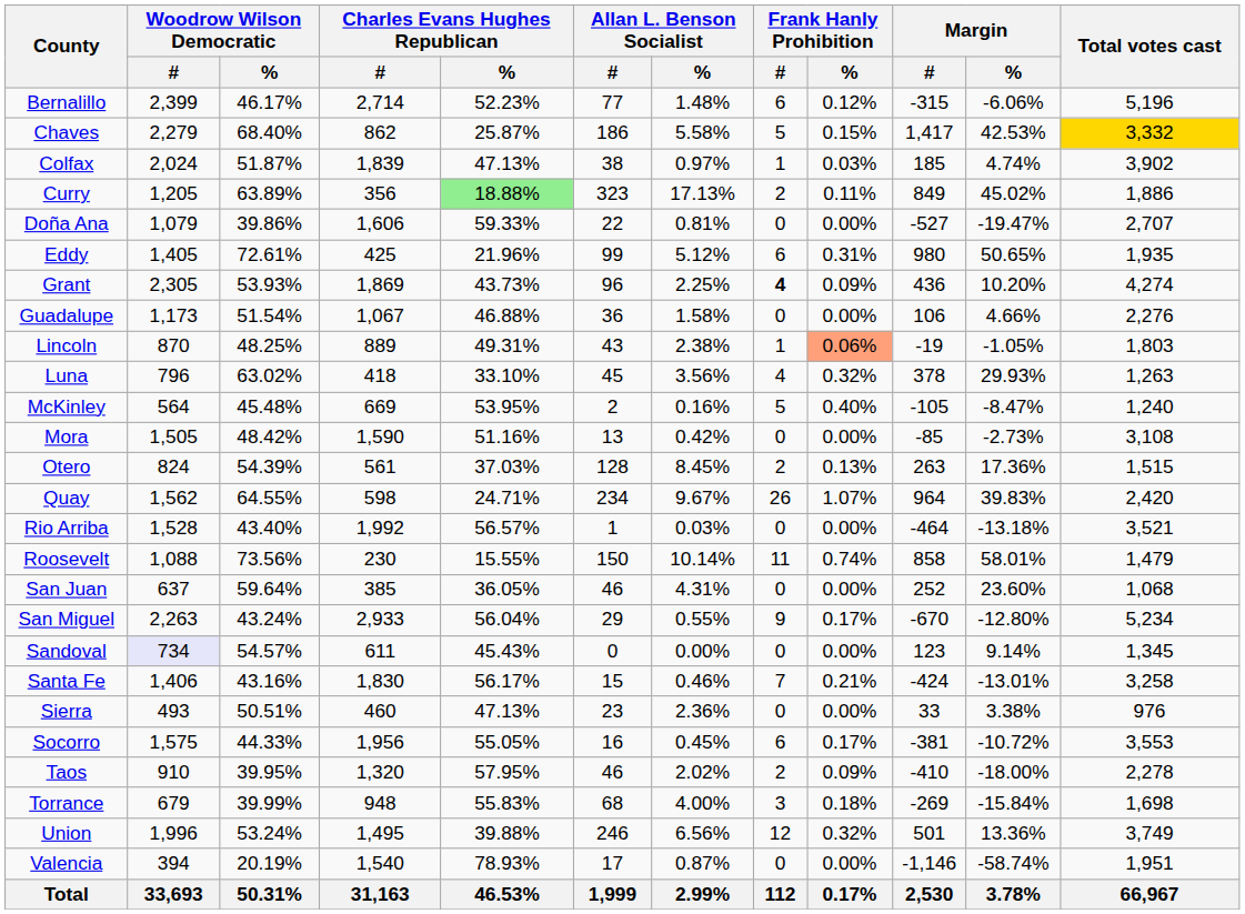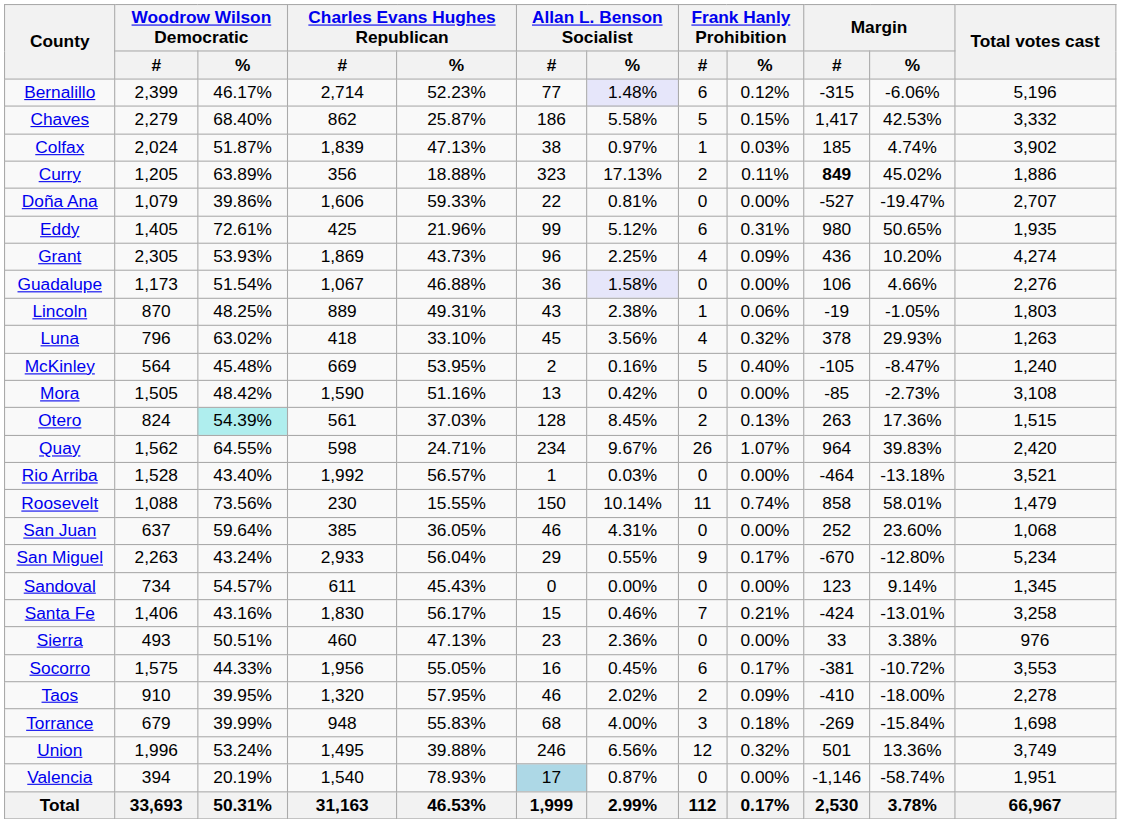 <table width="65%" class="wikitable sortable" style="text-align:center">
 <tr>
 <th style="text-align:center;" rowspan="2">County</th>
 <th style="text-align:center;" colspan="2"><a href='#'>Woodrow Wilson</a><br>Democratic</th>
 <th style="text-align:center;" colspan="2"><a href='#'>Charles Evans Hughes</a><br>Republican</th>
 <th style="text-align:center;" colspan="2"><a href='#'>Allan L. Benson</a><br>Socialist</th>
 <th style="text-align:center;" colspan="2"><a href='#'>Frank Hanly</a><br>Prohibition</th>
 <th style="text-align:center;" colspan="2">Margin</th>
 <th style="text-align:center;" rowspan="2">Total votes cast</th>
 </tr>
 <tr>
 <th style="text-align:center;" data-sort-type="number">#</th>
 <th style="text-align:center;" data-sort-type="number">%</th>
 <th style="text-align:center;" data-sort-type="number">#</th>
 <th style="text-align:center;" data-sort-type="number">%</th>
 <th style="text-align:center;" data-sort-type="number">#</th>
 <th style="text-align:center;" data-sort-type="number">%</th>
 <th style="text-align:center;" data-sort-type="number">#</th>
 <th style="text-align:center;" data-sort-type="number">%</th>
 <th style="text-align:center;" data-sort-type="number">#</th>
 <th style="text-align:center;" data-sort-type="number">%</th>
 </tr>
 <tr style="text-align:center;">
 <td><a href='#'>Bernalillo</a></td>
 <td>2,399</td>
 <td>46.17%</td>
 <td>2,714</td>
 <td>52.23%</td>
 <td>77</td>
-<td>1.48%</td>
+<td style="background: lavender;">1.48%</td>
 <td>6</td>
 <td>0.12%</td>
 <td>-315</td>
 <td>-6.06%</td>
 <td>5,196</td>
 </tr>
 <tr style="text-align:center;">
 <td><a href='#'>Chaves</a></td>
 <td>2,279</td>
 <td>68.40%</td>
 <td>862</td>
 <td>25.87%</td>
 <td>186</td>
 <td>5.58%</td>
 <td>5</td>
 <td>0.15%</td>
 <td>1,417</td>
 <td>42.53%</td>
-<td style="background: gold;">3,332</td>
+<td>3,332</td>
 </tr>
 <tr style="text-align:center;">
 <td><a href='#'>Colfax</a></td>
 <td>2,024</td>
 <td>51.87%</td>
 <td>1,839</td>
 <td>47.13%</td>
 <td>38</td>
 <td>0.97%</td>
 <td>1</td>
 <td>0.03%</td>
 <td>185</td>
 <td>4.74%</td>
 <td>3,902</td>
 </tr>
 <tr style="text-align:center;">
 <td><a href='#'>Curry</a></td>
 <td>1,205</td>
 <td>63.89%</td>
 <td>356</td>
-<td style="background: lightgreen;">18.88%</td>
+<td>18.88%</td>
 <td>323</td>
 <td>17.13%</td>
 <td>2</td>
 <td>0.11%</td>
-<td>849</td>
+<td><strong>849</strong></td>
 <td>45.02%</td>
 <td>1,886</td>
 </tr>
 <tr style="text-align:center;">
 <td><a href='#'>Doña Ana</a></td>
 <td>1,079</td>
 <td>39.86%</td>
 <td>1,606</td>
 <td>59.33%</td>
 <td>22</td>
 <td>0.81%</td>
 <td>0</td>
 <td>0.00%</td>
 <td>-527</td>
 <td>-19.47%</td>
 <td>2,707</td>
 </tr>
 <tr style="text-align:center;">
 <td><a href='#'>Eddy</a></td>
 <td>1,405</td>
 <td>72.61%</td>
 <td>425</td>
 <td>21.96%</td>
 <td>99</td>
 <td>5.12%</td>
 <td>6</td>
 <td>0.31%</td>
 <td>980</td>
 <td>50.65%</td>
 <td>1,935</td>
 </tr>
 <tr style="text-align:center;">
 <td><a href='#'>Grant</a></td>
 <td>2,305</td>
 <td>53.93%</td>
 <td>1,869</td>
 <td>43.73%</td>
 <td>96</td>
 <td>2.25%</td>
-<td><strong>4</strong></td>
+<td>4</td>
 <td>0.09%</td>
 <td>436</td>
 <td>10.20%</td>
 <td>4,274</td>
 </tr>
 <tr style="text-align:center;">
 <td><a href='#'>Guadalupe</a></td>
 <td>1,173</td>
 <td>51.54%</td>
 <td>1,067</td>
 <td>46.88%</td>
 <td>36</td>
-<td>1.58%</td>
+<td style="background: lavender;">1.58%</td>
 <td>0</td>
 <td>0.00%</td>
 <td>106</td>
 <td>4.66%</td>
 <td>2,276</td>
 </tr>
 <tr style="text-align:center;">
 <td><a href='#'>Lincoln</a></td>
 <td>870</td>
 <td>48.25%</td>
 <td>889</td>
 <td>49.31%</td>
 <td>43</td>
 <td>2.38%</td>
 <td>1</td>
-<td style="background: lightsalmon;">0.06%</td>
+<td>0.06%</td>
 <td>-19</td>
 <td>-1.05%</td>
 <td>1,803</td>
 </tr>
 <tr style="text-align:center;">
 <td><a href='#'>Luna</a></td>
 <td>796</td>
 <td>63.02%</td>
 <td>418</td>
 <td>33.10%</td>
 <td>45</td>
 <td>3.56%</td>
 <td>4</td>
 <td>0.32%</td>
 <td>378</td>
 <td>29.93%</td>
 <td>1,263</td>
 </tr>
 <tr style="text-align:center;">
 <td><a href='#'>McKinley</a></td>
 <td>564</td>
 <td>45.48%</td>
 <td>669</td>
 <td>53.95%</td>
 <td>2</td>
 <td>0.16%</td>
 <td>5</td>
 <td>0.40%</td>
 <td>-105</td>
 <td>-8.47%</td>
 <td>1,240</td>
 </tr>
 <tr style="text-align:center;">
 <td><a href='#'>Mora</a></td>
 <td>1,505</td>
 <td>48.42%</td>
 <td>1,590</td>
 <td>51.16%</td>
 <td>13</td>
 <td>0.42%</td>
 <td>0</td>
 <td>0.00%</td>
 <td>-85</td>
 <td>-2.73%</td>
 <td>3,108</td>
 </tr>
 <tr style="text-align:center;">
 <td><a href='#'>Otero</a></td>
 <td>824</td>
-<td>54.39%</td>
+<td style="background: paleturquoise;">54.39%</td>
 <td>561</td>
 <td>37.03%</td>
 <td>128</td>
 <td>8.45%</td>
 <td>2</td>
 <td>0.13%</td>
 <td>263</td>
 <td>17.36%</td>
 <td>1,515</td>
 </tr>
 <tr style="text-align:center;">
 <td><a href='#'>Quay</a></td>
 <td>1,562</td>
 <td>64.55%</td>
 <td>598</td>
 <td>24.71%</td>
 <td>234</td>
 <td>9.67%</td>
 <td>26</td>
 <td>1.07%</td>
 <td>964</td>
 <td>39.83%</td>
 <td>2,420</td>
 </tr>
 <tr style="text-align:center;">
 <td><a href='#'>Rio Arriba</a></td>
 <td>1,528</td>
 <td>43.40%</td>
 <td>1,992</td>
 <td>56.57%</td>
 <td>1</td>
 <td>0.03%</td>
 <td>0</td>
 <td>0.00%</td>
 <td>-464</td>
 <td>-13.18%</td>
 <td>3,521</td>
 </tr>
 <tr style="text-align:center;">
 <td><a href='#'>Roosevelt</a></td>
 <td>1,088</td>
 <td>73.56%</td>
 <td>230</td>
 <td>15.55%</td>
 <td>150</td>
 <td>10.14%</td>
 <td>11</td>
 <td>0.74%</td>
 <td>858</td>
 <td>58.01%</td>
 <td>1,479</td>
 </tr>
 <tr style="text-align:center;">
 <td><a href='#'>San Juan</a></td>
 <td>637</td>
 <td>59.64%</td>
 <td>385</td>
 <td>36.05%</td>
 <td>46</td>
 <td>4.31%</td>
 <td>0</td>
 <td>0.00%</td>
 <td>252</td>
 <td>23.60%</td>
 <td>1,068</td>
 </tr>
 <tr style="text-align:center;">
 <td><a href='#'>San Miguel</a></td>
 <td>2,263</td>
 <td>43.24%</td>
 <td>2,933</td>
 <td>56.04%</td>
 <td>29</td>
 <td>0.55%</td>
 <td>9</td>
 <td>0.17%</td>
 <td>-670</td>
 <td>-12.80%</td>
 <td>5,234</td>
 </tr>
 <tr style="text-align:center;">
 <td><a href='#'>Sandoval</a></td>
-<td style="background: lavender;">734</td>
+<td>734</td>
 <td>54.57%</td>
 <td>611</td>
 <td>45.43%</td>
 <td>0</td>
 <td>0.00%</td>
 <td>0</td>
 <td>0.00%</td>
 <td>123</td>
 <td>9.14%</td>
 <td>1,345</td>
 </tr>
 <tr style="text-align:center;">
 <td><a href='#'>Santa Fe</a></td>
 <td>1,406</td>
 <td>43.16%</td>
 <td>1,830</td>
 <td>56.17%</td>
 <td>15</td>
 <td>0.46%</td>
 <td>7</td>
 <td>0.21%</td>
 <td>-424</td>
 <td>-13.01%</td>
 <td>3,258</td>
 </tr>
 <tr style="text-align:center;">
 <td><a href='#'>Sierra</a></td>
 <td>493</td>
 <td>50.51%</td>
 <td>460</td>
 <td>47.13%</td>
 <td>23</td>
 <td>2.36%</td>
 <td>0</td>
 <td>0.00%</td>
 <td>33</td>
 <td>3.38%</td>
 <td>976</td>
 </tr>
 <tr style="text-align:center;">
 <td><a href='#'>Socorro</a></td>
 <td>1,575</td>
 <td>44.33%</td>
 <td>1,956</td>
 <td>55.05%</td>
 <td>16</td>
 <td>0.45%</td>
 <td>6</td>
 <td>0.17%</td>
 <td>-381</td>
 <td>-10.72%</td>
 <td>3,553</td>
 </tr>
 <tr style="text-align:center;">
 <td><a href='#'>Taos</a></td>
 <td>910</td>
 <td>39.95%</td>
 <td>1,320</td>
 <td>57.95%</td>
 <td>46</td>
 <td>2.02%</td>
 <td>2</td>
 <td>0.09%</td>
 <td>-410</td>
 <td>-18.00%</td>
 <td>2,278</td>
 </tr>
 <tr style="text-align:center;">
 <td><a href='#'>Torrance</a></td>
 <td>679</td>
 <td>39.99%</td>
 <td>948</td>
 <td>55.83%</td>
 <td>68</td>
 <td>4.00%</td>
 <td>3</td>
 <td>0.18%</td>
 <td>-269</td>
 <td>-15.84%</td>
 <td>1,698</td>
 </tr>
 <tr style="text-align:center;">
 <td><a href='#'>Union</a></td>
 <td>1,996</td>
 <td>53.24%</td>
 <td>1,495</td>
 <td>39.88%</td>
 <td>246</td>
 <td>6.56%</td>
 <td>12</td>
 <td>0.32%</td>
 <td>501</td>
 <td>13.36%</td>
 <td>3,749</td>
 </tr>
 <tr style="text-align:center;">
 <td><a href='#'>Valencia</a></td>
 <td>394</td>
 <td>20.19%</td>
 <td>1,540</td>
 <td>78.93%</td>
-<td>17</td>
+<td style="background: lightblue;">17</td>
 <td>0.87%</td>
 <td>0</td>
 <td>0.00%</td>
 <td>-1,146</td>
 <td>-58.74%</td>
 <td>1,951</td>
 </tr>
 <tr style="text-align:center;">
 <th>Total</th>
 <th>33,693</th>
 <th>50.31%</th>
 <th>31,163</th>
 <th>46.53%</th>
 <th>1,999</th>
 <th>2.99%</th>
 <th>112</th>
 <th>0.17%</th>
 <th>2,530</th>
 <th>3.78%</th>
 <th>66,967</th>
 </tr>
 </table>
